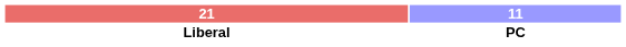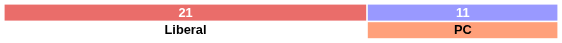 <table style="width:55%; text-align:center;">
 <tr style="color:white;">
 <td style="background:#EA6D6A; width:65.63%;"><strong>21</strong></td>
 <td style="background:#9999FF; width:34.37%;"><strong>11</strong></td>
 </tr>
 <tr>
 <td><span><strong>Liberal</strong></span></td>
-<td><span><strong>PC</strong></span></td>
+<td style="background: lightsalmon;"><span><strong>PC</strong></span></td>
 </tr>
 </table>
